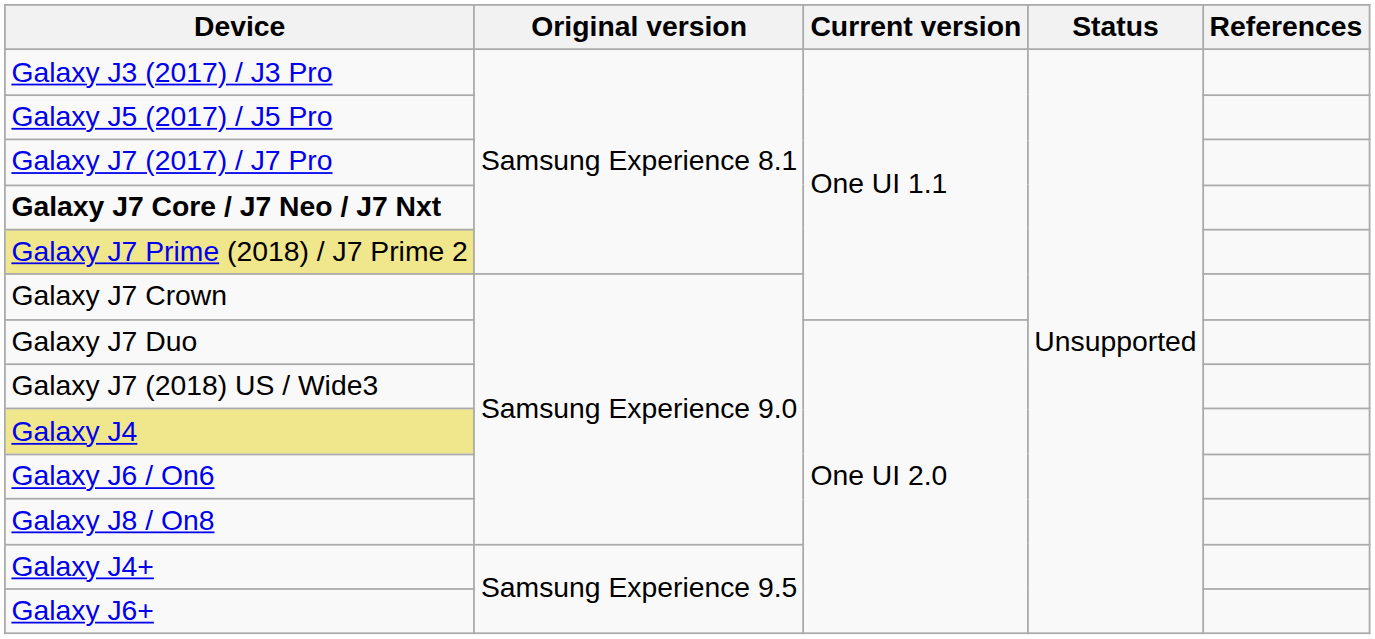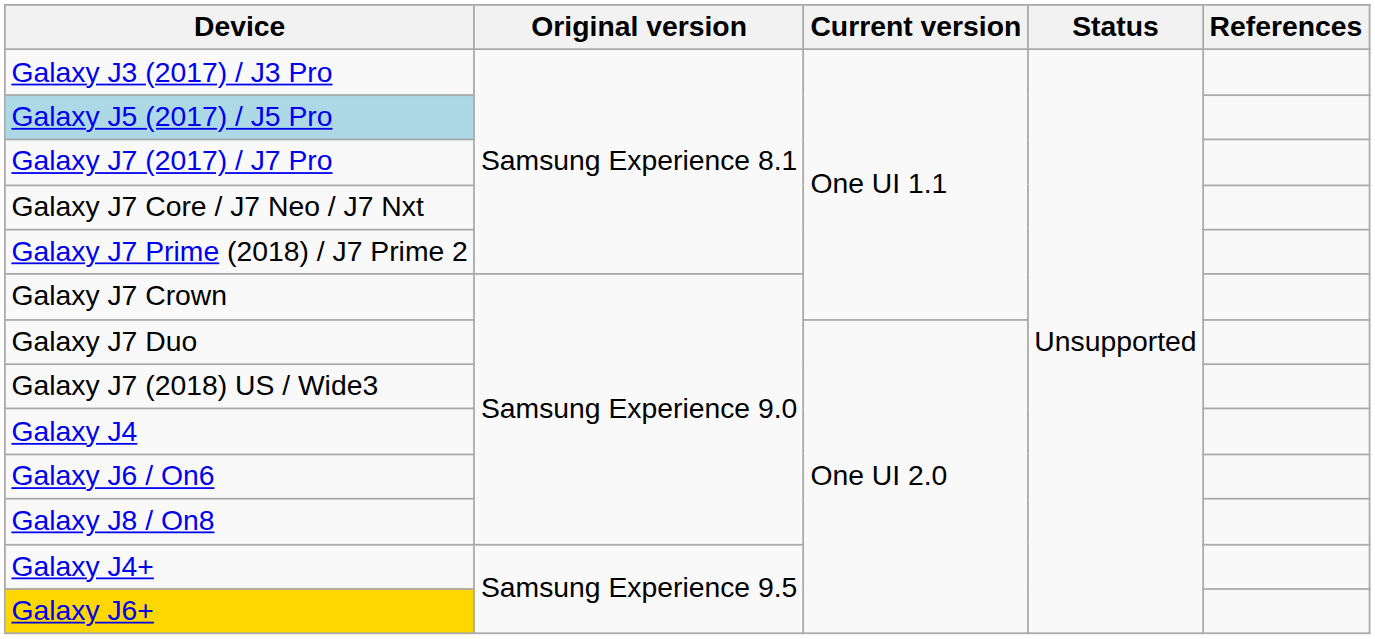 <table class="wikitable">
 <tr>
 <th>Device</th>
 <th>Original version</th>
 <th>Current version</th>
 <th>Status</th>
 <th>References</th>
 </tr>
 <tr>
 <td><a href='#'>Galaxy J3 (2017) / J3 Pro</a></td>
 <td rowspan="5">Samsung Experience 8.1</td>
 <td rowspan="6">One UI 1.1</td>
 <td rowspan="13">Unsupported</td>
 <td></td>
 </tr>
 <tr>
-<td><a href='#'>Galaxy J5 (2017) / J5 Pro</a></td>
+<td style="background: lightblue;"><a href='#'>Galaxy J5 (2017) / J5 Pro</a></td>
 <td></td>
 </tr>
 <tr>
 <td><a href='#'>Galaxy J7 (2017) / J7 Pro</a></td>
 <td></td>
 </tr>
 <tr>
-<td><strong>Galaxy J7 Core / J7 Neo / J7 Nxt</strong></td>
+<td>Galaxy J7 Core / J7 Neo / J7 Nxt</td>
 <td></td>
 </tr>
 <tr>
-<td style="background: khaki;"><a href='#'>Galaxy J7 Prime</a> (2018) / J7 Prime 2</td>
+<td><a href='#'>Galaxy J7 Prime</a> (2018) / J7 Prime 2</td>
 <td></td>
 </tr>
 <tr>
 <td>Galaxy J7 Crown</td>
 <td rowspan="6">Samsung Experience 9.0</td>
 <td></td>
 </tr>
 <tr>
 <td>Galaxy J7 Duo</td>
 <td rowspan="7">One UI 2.0</td>
 <td></td>
 </tr>
 <tr>
 <td>Galaxy J7 (2018) US / Wide3</td>
 <td></td>
 </tr>
 <tr Gear S s>
-<td style="background: khaki;"><a href='#'>Galaxy J4</a></td>
+<td><a href='#'>Galaxy J4</a></td>
 <td></td>
 </tr>
 <tr>
 <td><a href='#'>Galaxy J6 / On6</a></td>
 <td></td>
 </tr>
 <tr>
 <td><a href='#'>Galaxy J8 / On8</a></td>
 <td></td>
 </tr>
 <tr>
 <td><a href='#'>Galaxy J4+</a></td>
 <td rowspan="2">Samsung Experience 9.5</td>
 <td></td>
 </tr>
 <tr>
-<td><a href='#'>Galaxy J6+</a></td>
+<td style="background: gold;"><a href='#'>Galaxy J6+</a></td>
 <td></td>
 </tr>
 </table>
